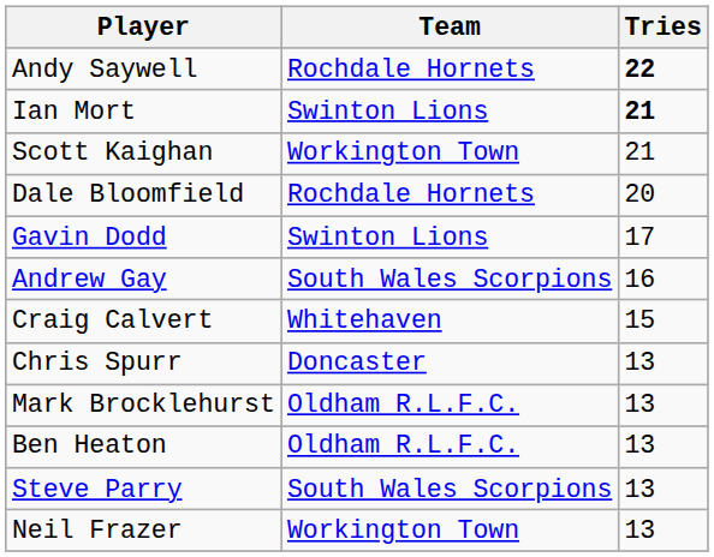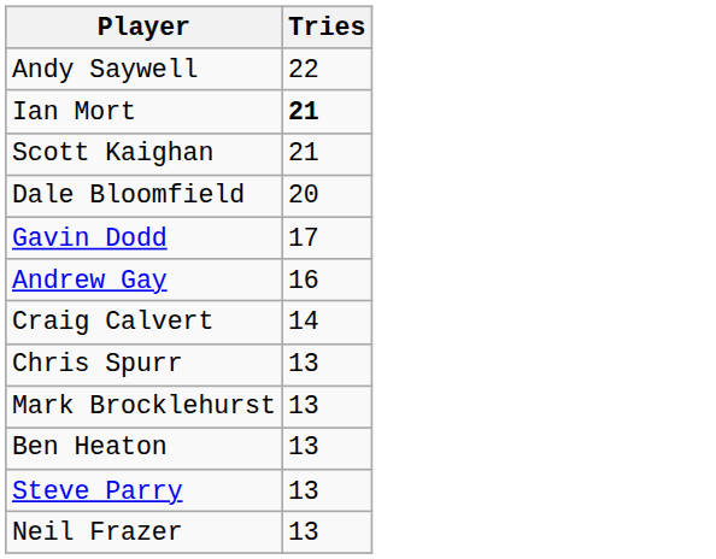 <table class="wikitable" style="text-align:left; display:inline-table;">
 <tr>
 <th>Player</th>
-<th>Team</th>
 <th>Tries</th>
 </tr>
 <tr>
 <td>Andy Saywell</td>
-<td><a href='#'>Rochdale Hornets</a></td>
-<td><strong>22</strong></td>
+<td>22</td>
 </tr>
 <tr>
 <td>Ian Mort</td>
-<td><a href='#'>Swinton Lions</a></td>
 <td><strong>21</strong></td>
 </tr>
 <tr>
 <td>Scott Kaighan</td>
-<td><a href='#'>Workington Town</a></td>
 <td>21</td>
 </tr>
 <tr>
 <td>Dale Bloomfield</td>
-<td><a href='#'>Rochdale Hornets</a></td>
 <td>20</td>
 </tr>
 <tr>
 <td><a href='#'>Gavin Dodd</a></td>
-<td><a href='#'>Swinton Lions</a></td>
 <td>17</td>
 </tr>
 <tr>
 <td><a href='#'>Andrew Gay</a></td>
-<td><a href='#'>South Wales Scorpions</a></td>
 <td>16</td>
 </tr>
 <tr>
 <td>Craig Calvert</td>
-<td><a href='#'>Whitehaven</a></td>
-<td>15</td>
+<td>14</td>
 </tr>
 <tr>
 <td>Chris Spurr</td>
-<td><a href='#'>Doncaster</a></td>
 <td>13</td>
 </tr>
 <tr>
 <td>Mark Brocklehurst</td>
-<td><a href='#'>Oldham R.L.F.C.</a></td>
 <td>13</td>
 </tr>
 <tr>
 <td>Ben Heaton</td>
-<td><a href='#'>Oldham R.L.F.C.</a></td>
 <td>13</td>
 </tr>
 <tr>
 <td><a href='#'>Steve Parry</a></td>
-<td><a href='#'>South Wales Scorpions</a></td>
 <td>13</td>
 </tr>
 <tr>
 <td>Neil Frazer</td>
-<td><a href='#'>Workington Town</a></td>
 <td>13</td>
 </tr>
 </table>
